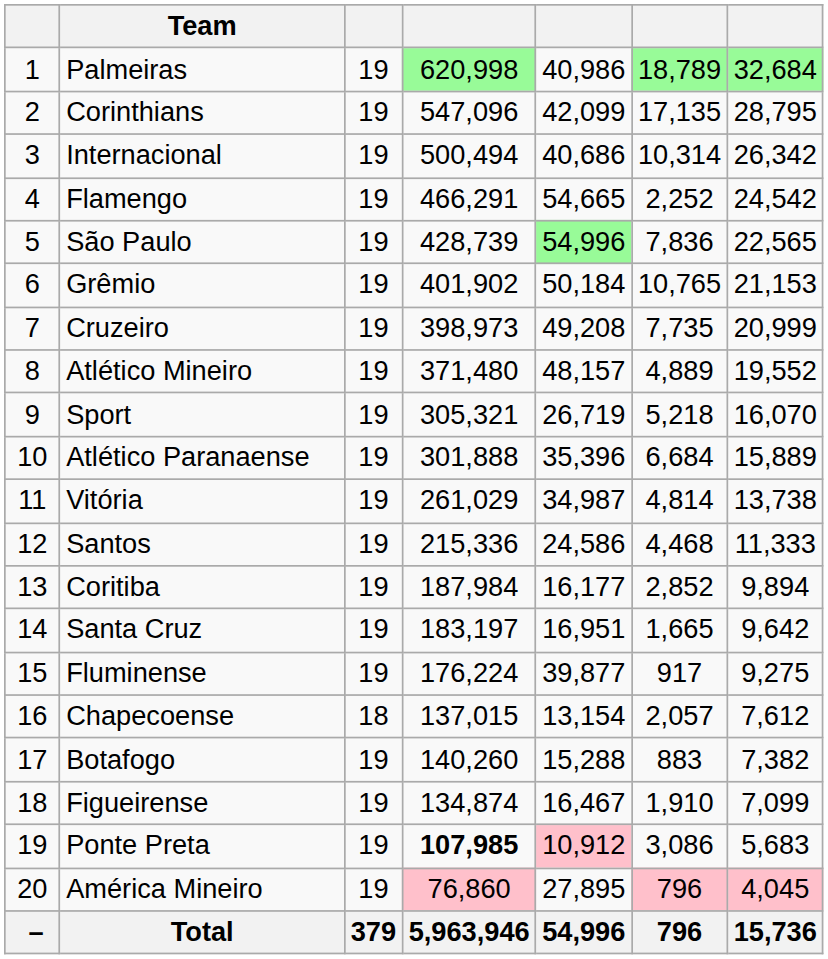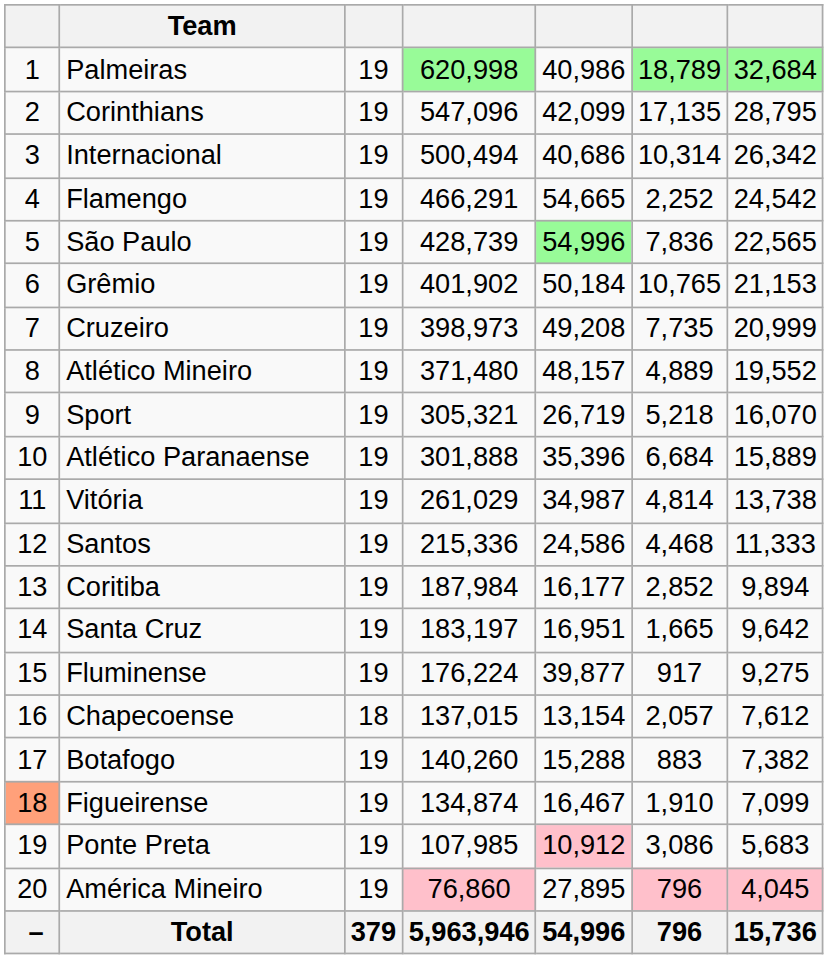 <table class="wikitable sortable">
 <tr>
 <th width=25></th>
 <th width=160>Team</th>
 <th></th>
 <th width=45></th>
 <th width=45></th>
 <th width=45></th>
 <th width=45></th>
 </tr>
 <tr>
 <td align=center>1</td>
 <td>Palmeiras</td>
 <td align=center>19</td>
 <td align=center bgcolor="#98FB98">620,998</td>
 <td align=center>40,986</td>
 <td align=center bgcolor="#98FB98">18,789</td>
 <td align=center bgcolor="#98FB98">32,684</td>
 </tr>
 <tr>
 <td align=center>2</td>
 <td>Corinthians</td>
 <td align=center>19</td>
 <td align=center>547,096</td>
 <td align=center>42,099</td>
 <td align=center>17,135</td>
 <td align=center>28,795</td>
 </tr>
 <tr>
 <td align=center>3</td>
 <td>Internacional</td>
 <td align=center>19</td>
 <td align=center>500,494</td>
 <td align=center>40,686</td>
 <td align=center>10,314</td>
 <td align=center>26,342</td>
 </tr>
 <tr>
 <td align=center>4</td>
 <td>Flamengo</td>
 <td align=center>19</td>
 <td align=center>466,291</td>
 <td align=center>54,665</td>
 <td align=center>2,252</td>
 <td align=center>24,542</td>
 </tr>
 <tr>
 <td align=center>5</td>
 <td>São Paulo</td>
 <td align=center>19</td>
 <td align=center>428,739</td>
 <td align=center bgcolor="#98FB98">54,996</td>
 <td align=center>7,836</td>
 <td align=center>22,565</td>
 </tr>
 <tr>
 <td align=center>6</td>
 <td>Grêmio</td>
 <td align=center>19</td>
 <td align=center>401,902</td>
 <td align=center>50,184</td>
 <td align=center>10,765</td>
 <td align=center>21,153</td>
 </tr>
 <tr>
 <td align=center>7</td>
 <td>Cruzeiro</td>
 <td align=center>19</td>
 <td align=center>398,973</td>
 <td align=center>49,208</td>
 <td align=center>7,735</td>
 <td align=center>20,999</td>
 </tr>
 <tr>
 <td align=center>8</td>
 <td>Atlético Mineiro</td>
 <td align=center>19</td>
 <td align=center>371,480</td>
 <td align=center>48,157</td>
 <td align=center>4,889</td>
 <td align=center>19,552</td>
 </tr>
 <tr>
 <td align=center>9</td>
 <td>Sport</td>
 <td align=center>19</td>
 <td align=center>305,321</td>
 <td align=center>26,719</td>
 <td align=center>5,218</td>
 <td align=center>16,070</td>
 </tr>
 <tr>
 <td align=center>10</td>
 <td>Atlético Paranaense</td>
 <td align=center>19</td>
 <td align=center>301,888</td>
 <td align=center>35,396</td>
 <td align=center>6,684</td>
 <td align=center>15,889</td>
 </tr>
 <tr>
 <td align=center>11</td>
 <td>Vitória</td>
 <td align=center>19</td>
 <td align=center>261,029</td>
 <td align=center>34,987</td>
 <td align=center>4,814</td>
 <td align=center>13,738</td>
 </tr>
 <tr>
 <td align=center>12</td>
 <td>Santos</td>
 <td align=center>19</td>
 <td align=center>215,336</td>
 <td align=center>24,586</td>
 <td align=center>4,468</td>
 <td align=center>11,333</td>
 </tr>
 <tr>
 <td align=center>13</td>
 <td>Coritiba</td>
 <td align=center>19</td>
 <td align=center>187,984</td>
 <td align=center>16,177</td>
 <td align=center>2,852</td>
 <td align=center>9,894</td>
 </tr>
 <tr>
 <td align=center>14</td>
 <td>Santa Cruz</td>
 <td align=center>19</td>
 <td align=center>183,197</td>
 <td align=center>16,951</td>
 <td align=center>1,665</td>
 <td align=center>9,642</td>
 </tr>
 <tr>
 <td align=center>15</td>
 <td>Fluminense</td>
 <td align=center>19</td>
 <td align=center>176,224</td>
 <td align=center>39,877</td>
 <td align=center>917</td>
 <td align=center>9,275</td>
 </tr>
 <tr>
 <td align=center>16</td>
 <td>Chapecoense</td>
 <td align=center>18</td>
 <td align=center>137,015</td>
 <td align=center>13,154</td>
 <td align=center>2,057</td>
 <td align=center>7,612</td>
 </tr>
 <tr>
 <td align=center>17</td>
 <td>Botafogo</td>
 <td align=center>19</td>
 <td align=center>140,260</td>
 <td align=center>15,288</td>
 <td align=center>883</td>
 <td align=center>7,382</td>
 </tr>
 <tr>
-<td align=center>18</td>
+<td align=center style="background: lightsalmon;">18</td>
 <td>Figueirense</td>
 <td align=center>19</td>
 <td align=center>134,874</td>
 <td align=center>16,467</td>
 <td align=center>1,910</td>
 <td align=center>7,099</td>
 </tr>
 <tr>
 <td align=center>19</td>
 <td>Ponte Preta</td>
 <td align=center>19</td>
-<td align=center><strong>107,985</strong></td>
+<td align=center>107,985</td>
 <td align=center bgcolor="#FFC0CB">10,912</td>
 <td align=center>3,086</td>
 <td align=center>5,683</td>
 </tr>
 <tr>
 <td align=center>20</td>
 <td>América Mineiro</td>
 <td align=center>19</td>
 <td align=center bgcolor="#FFC0CB">76,860</td>
 <td align=center>27,895</td>
 <td align=center bgcolor="#FFC0CB">796</td>
 <td align=center bgcolor="#FFC0CB">4,045</td>
 </tr>
 <tr>
 <th align=center> –</th>
 <th>Total</th>
 <th align=center>379</th>
 <th>5,963,946</th>
 <th align=center>54,996</th>
 <th align=center>796</th>
 <th align=center>15,736</th>
 </tr>
 </table>
